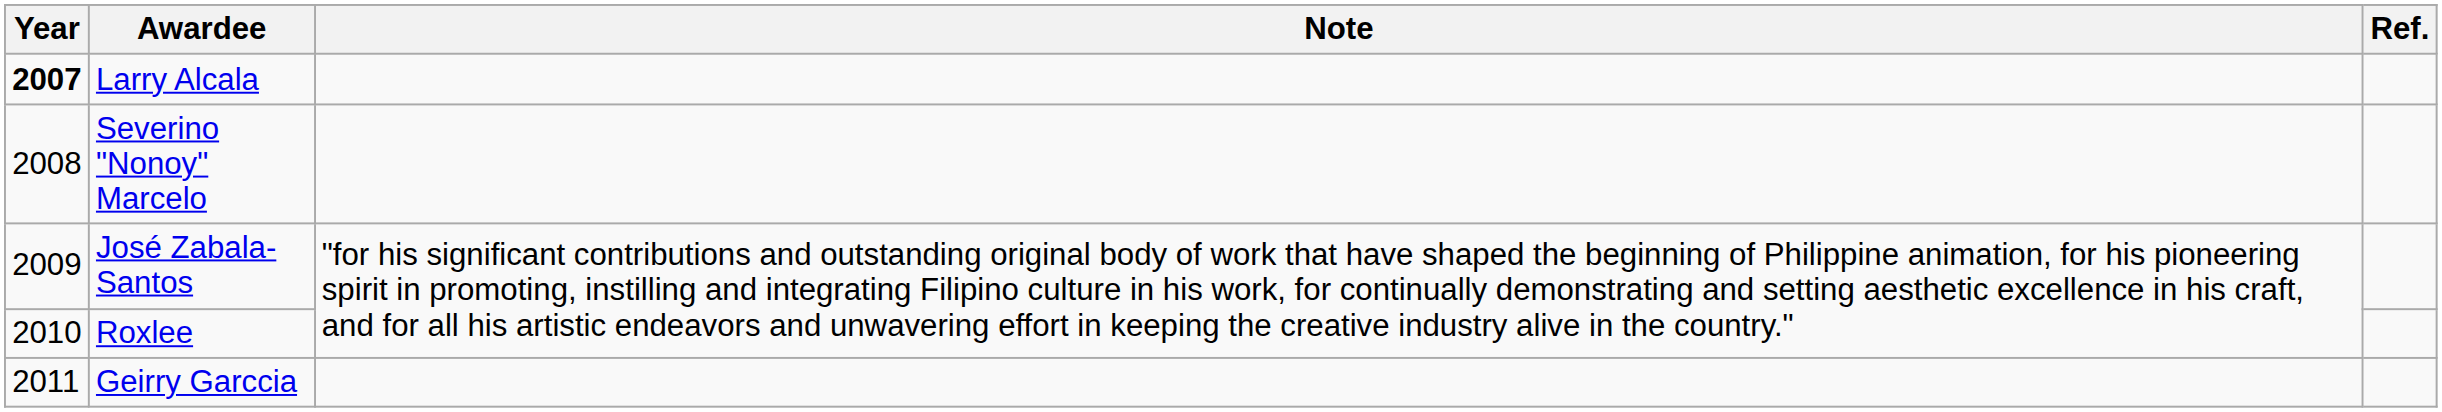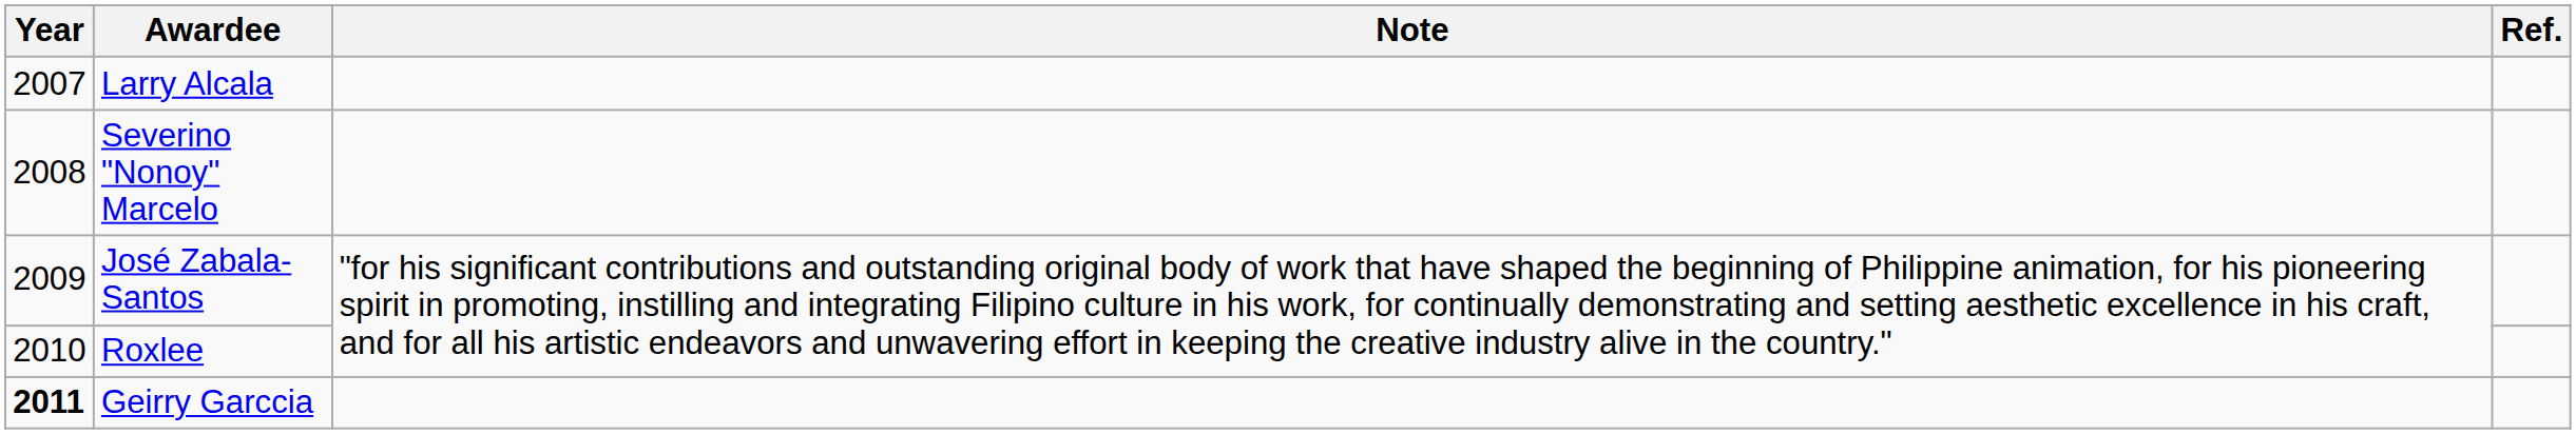 <table class="wikitable">
 <tr>
 <th>Year</th>
 <th>Awardee</th>
 <th>Note</th>
 <th>Ref.</th>
 </tr>
 <tr>
-<td><strong>2007</strong></td>
+<td>2007</td>
 <td><a href='#'>Larry Alcala</a></td>
 <td></td>
 <td></td>
 </tr>
 <tr>
 <td>2008</td>
 <td><a href='#'>Severino "Nonoy" Marcelo</a></td>
 <td></td>
 <td></td>
 </tr>
 <tr>
 <td>2009</td>
 <td><a href='#'>José Zabala-Santos</a></td>
 <td rowspan="2">"for his significant contributions and outstanding original body of work that have shaped the beginning of Philippine animation, for his pioneering spirit in promoting, instilling and integrating Filipino culture in his work, for continually demonstrating and setting aesthetic excellence in his craft, and for all his artistic endeavors and unwavering effort in keeping the creative industry alive in the country."</td>
 <td></td>
 </tr>
 <tr>
 <td>2010</td>
 <td><a href='#'>Roxlee</a></td>
 <td></td>
 </tr>
 <tr>
-<td>2011</td>
+<td><strong>2011</strong></td>
 <td><a href='#'>Geirry Garccia</a></td>
 <td></td>
 <td></td>
 </tr>
 </table>
